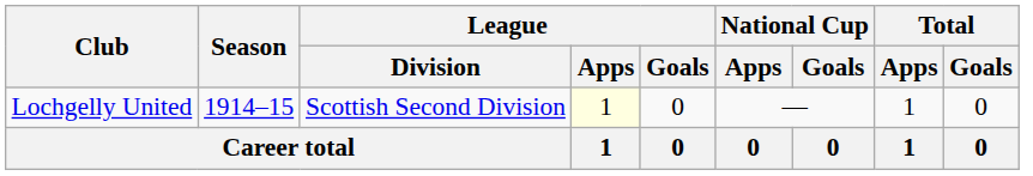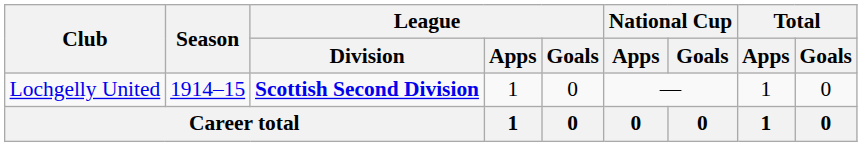 <table class="wikitable" style="text-align:center">
 <tr>
 <th rowspan="2">Club</th>
 <th rowspan="2">Season</th>
 <th colspan="3">League</th>
 <th colspan="2">National Cup</th>
 <th colspan="2">Total</th>
 </tr>
 <tr>
 <th>Division</th>
 <th>Apps</th>
 <th>Goals</th>
 <th>Apps</th>
 <th>Goals</th>
 <th>Apps</th>
 <th>Goals</th>
 </tr>
 <tr>
 <td><a href='#'>Lochgelly United</a></td>
 <td><a href='#'>1914–15</a></td>
-<td><a href='#'>Scottish Second Division</a></td>
-<td style="background: lightyellow;">1</td>
+<td><strong><a href='#'>Scottish Second Division</a></strong></td>
+<td>1</td>
 <td>0</td>
 <td colspan="2">—</td>
 <td>1</td>
 <td>0</td>
 </tr>
 <tr>
 <th colspan="3">Career total</th>
 <th>1</th>
 <th>0</th>
 <th>0</th>
 <th>0</th>
 <th>1</th>
 <th>0</th>
 </tr>
 </table>
